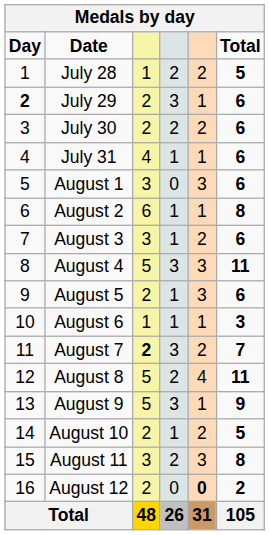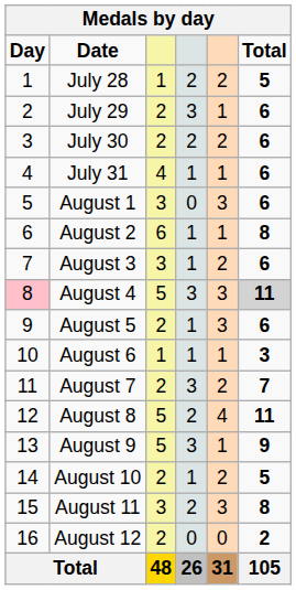 <table class=wikitable style="font-size:85%; float:right;text-align:center">
 <tr>
 <th colspan=7>Medals by day</th>
 </tr>
 <tr>
 <td><strong>Day</strong></td>
 <td><strong>Date</strong></td>
 <td bgcolor=F7F6A8></td>
 <td bgcolor=DCE5E5></td>
 <td bgcolor=FFDAB9></td>
 <td><strong>Total</strong></td>
 </tr>
 <tr>
 <td>1</td>
 <td>July 28</td>
 <td bgcolor=F7F6A8>1</td>
 <td bgcolor=DCE5E5>2</td>
 <td bgcolor=FFDAB9>2</td>
 <td><strong>5</strong></td>
 </tr>
 <tr>
-<td><strong>2</strong></td>
+<td>2</td>
 <td>July 29</td>
 <td bgcolor=F7F6A8>2</td>
 <td bgcolor=DCE5E5>3</td>
 <td bgcolor=FFDAB9>1</td>
 <td><strong>6</strong></td>
 </tr>
 <tr>
 <td>3</td>
 <td>July 30</td>
 <td bgcolor=F7F6A8>2</td>
 <td bgcolor=DCE5E5>2</td>
 <td bgcolor=FFDAB9>2</td>
 <td><strong>6</strong></td>
 </tr>
 <tr>
 <td>4</td>
 <td>July 31</td>
 <td bgcolor=F7F6A8>4</td>
 <td bgcolor=DCE5E5>1</td>
 <td bgcolor=FFDAB9>1</td>
 <td><strong>6</strong></td>
 </tr>
 <tr>
 <td>5</td>
 <td>August 1</td>
 <td bgcolor=F7F6A8>3</td>
 <td bgcolor=DCE5E5>0</td>
 <td bgcolor=FFDAB9>3</td>
 <td><strong>6</strong></td>
 </tr>
 <tr>
 <td>6</td>
 <td>August 2</td>
 <td bgcolor=F7F6A8>6</td>
 <td bgcolor=DCE5E5>1</td>
 <td bgcolor=FFDAB9>1</td>
 <td><strong>8</strong></td>
 </tr>
 <tr>
 <td>7</td>
 <td>August 3</td>
 <td bgcolor=F7F6A8>3</td>
 <td bgcolor=DCE5E5>1</td>
 <td bgcolor=FFDAB9>2</td>
 <td><strong>6</strong></td>
 </tr>
 <tr>
-<td>8</td>
+<td style="background: pink;">8</td>
 <td>August 4</td>
 <td bgcolor=F7F6A8>5</td>
 <td bgcolor=DCE5E5>3</td>
 <td bgcolor=FFDAB9>3</td>
-<td><strong>11</strong></td>
+<td style="background: lightgrey;"><strong>11</strong></td>
 </tr>
 <tr>
 <td>9</td>
 <td>August 5</td>
 <td bgcolor=F7F6A8>2</td>
 <td bgcolor=DCE5E5>1</td>
 <td bgcolor=FFDAB9>3</td>
 <td><strong>6</strong></td>
 </tr>
 <tr>
 <td>10</td>
 <td>August 6</td>
 <td bgcolor=F7F6A8>1</td>
 <td bgcolor=DCE5E5>1</td>
 <td bgcolor=FFDAB9>1</td>
 <td><strong>3</strong></td>
 </tr>
 <tr>
 <td>11</td>
 <td>August 7</td>
-<td bgcolor=F7F6A8><strong>2</strong></td>
+<td bgcolor=F7F6A8>2</td>
 <td bgcolor=DCE5E5>3</td>
 <td bgcolor=FFDAB9>2</td>
 <td><strong>7</strong></td>
 </tr>
 <tr>
 <td>12</td>
 <td>August 8</td>
 <td bgcolor=F7F6A8>5</td>
 <td bgcolor=DCE5E5>2</td>
 <td bgcolor=FFDAB9>4</td>
 <td><strong>11</strong></td>
 </tr>
 <tr>
 <td>13</td>
 <td>August 9</td>
 <td bgcolor=F7F6A8>5</td>
 <td bgcolor=DCE5E5>3</td>
 <td bgcolor=FFDAB9>1</td>
 <td><strong>9</strong></td>
 </tr>
 <tr>
 <td>14</td>
 <td>August 10</td>
 <td bgcolor=F7F6A8>2</td>
 <td bgcolor=DCE5E5>1</td>
 <td bgcolor=FFDAB9>2</td>
 <td><strong>5</strong></td>
 </tr>
 <tr>
 <td>15</td>
 <td>August 11</td>
 <td bgcolor=F7F6A8>3</td>
 <td bgcolor=DCE5E5>2</td>
 <td bgcolor=FFDAB9>3</td>
 <td><strong>8</strong></td>
 </tr>
 <tr>
 <td>16</td>
 <td>August 12</td>
 <td bgcolor=F7F6A8>2</td>
 <td bgcolor=DCE5E5>0</td>
-<td bgcolor=FFDAB9><strong>0</strong></td>
+<td bgcolor=FFDAB9>0</td>
 <td><strong>2</strong></td>
 </tr>
 <tr>
 <th colspan=2>Total</th>
 <th style=background:gold>48</th>
 <th style=background:silver>26</th>
 <th style=background:#C96>31</th>
 <th>105</th>
 </tr>
 </table>
